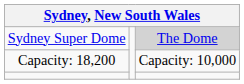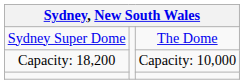 <table class=wikitable style="text-align:center;">
 <tr>
 <th colspan=3><a href='#'>Sydney</a>, <a href='#'>New South Wales</a></th>
 </tr>
 <tr>
 <td><a href='#'>Sydney Super Dome</a></td>
 <td rowspan=3></td>
-<td style="background: lightgrey;"><a href='#'>The Dome</a></td>
+<td><a href='#'>The Dome</a></td>
 </tr>
 <tr>
 <td>Capacity: 18,200</td>
 <td>Capacity: 10,000</td>
 </tr>
 <tr>
 <td></td>
 <td></td>
 </tr>
 </table>
